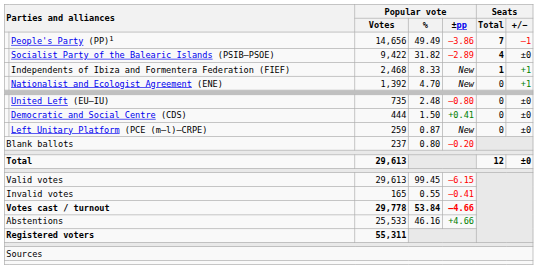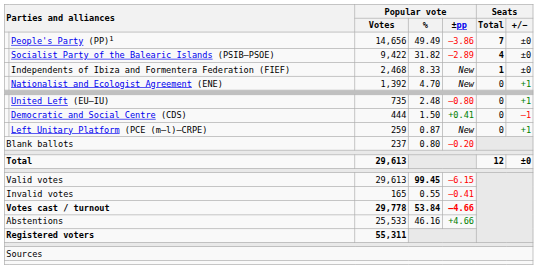 <table class="wikitable" style="text-align:right;">
 <tr>
 <th style="text-align:left;" rowspan="2" colspan="2" width="525">Parties and alliances</th>
 <th colspan="3">Popular vote</th>
 <th colspan="2">Seats</th>
 </tr>
 <tr>
 <th width="75">Votes</th>
 <th width="45">%</th>
 <th width="45">±<a href='#'>pp</a></th>
 <th width="35">Total</th>
 <th width="35">+/−</th>
 </tr>
 <tr>
 <td width="1" style="color:inherit;background:"></td>
 <td align="left"><a href='#'>People's Party</a> (PP)<sup>1</sup></td>
 <td>14,656</td>
 <td>49.49</td>
 <td style="color:red;">–3.86</td>
 <td><strong>7</strong></td>
-<td style="color:red;">–1</td>
+<td>±0</td>
 </tr>
 <tr>
 <td style="color:inherit;background:"></td>
 <td align="left"><a href='#'>Socialist Party of the Balearic Islands</a> (PSIB–PSOE)</td>
 <td>9,422</td>
 <td>31.82</td>
 <td style="color:red;">–2.89</td>
 <td><strong>4</strong></td>
 <td>±0</td>
 </tr>
 <tr>
 <td style="color:inherit;background:"></td>
 <td align="left">Independents of Ibiza and Formentera Federation (FIEF)</td>
 <td>2,468</td>
 <td>8.33</td>
 <td><em>New</em></td>
 <td><strong>1</strong></td>
-<td style="color:green;">+1</td>
+<td>±0</td>
 </tr>
 <tr>
 <td style="color:inherit;background:"></td>
 <td align="left"><a href='#'>Nationalist and Ecologist Agreement</a> (ENE)</td>
 <td>1,392</td>
 <td>4.70</td>
 <td><em>New</em></td>
 <td>0</td>
 <td style="color:green;">+1</td>
 </tr>
 <tr>
 <td colspan="7" bgcolor="#C0C0C0"></td>
 </tr>
 <tr>
 <td style="color:inherit;background:"></td>
 <td align="left"><a href='#'>United Left</a> (EU–IU)</td>
 <td>735</td>
 <td>2.48</td>
 <td style="color:red;">–0.80</td>
 <td>0</td>
-<td>±0</td>
+<td style="color:green;">+1</td>
 </tr>
 <tr>
 <td style="color:inherit;background:"></td>
 <td align="left"><a href='#'>Democratic and Social Centre</a> (CDS)</td>
 <td>444</td>
 <td>1.50</td>
 <td style="color:green;">+0.41</td>
 <td>0</td>
-<td>±0</td>
+<td style="color:red;">–1</td>
 </tr>
 <tr>
 <td bgcolor=></td>
 <td align="left"><a href='#'>Left Unitary Platform</a> (PCE (m–l)–CRPE)</td>
 <td>259</td>
 <td>0.87</td>
 <td><em>New</em></td>
 <td>0</td>
-<td>±0</td>
+<td style="color:green;">+1</td>
 </tr>
 <tr>
 <td align="left" colspan="2">Blank ballots</td>
 <td>237</td>
 <td>0.80</td>
 <td style="color:red;">–0.20</td>
 <td bgcolor="#E9E9E9" colspan="2"></td>
 </tr>
 <tr>
 <td colspan="7" bgcolor="#E9E9E9"></td>
 </tr>
 <tr style="font-weight:bold;">
 <td align="left" colspan="2">Total</td>
 <td>29,613</td>
 <td bgcolor="#E9E9E9" colspan="2"></td>
 <td>12</td>
 <td>±0</td>
 </tr>
 <tr>
 <td colspan="7" bgcolor="#E9E9E9"></td>
 </tr>
 <tr>
 <td align="left" colspan="2">Valid votes</td>
 <td>29,613</td>
-<td>99.45</td>
+<td><strong>99.45</strong></td>
 <td style="color:red;">–6.15</td>
 <td bgcolor="#E9E9E9" colspan="2" rowspan="5"></td>
 </tr>
 <tr>
 <td align="left" colspan="2">Invalid votes</td>
 <td>165</td>
 <td>0.55</td>
 <td style="color:red;">–0.41</td>
 </tr>
 <tr style="font-weight:bold;">
 <td align="left" colspan="2">Votes cast / turnout</td>
 <td>29,778</td>
 <td>53.84</td>
 <td style="color:red;">–4.66</td>
 </tr>
 <tr>
 <td align="left" colspan="2">Abstentions</td>
 <td>25,533</td>
 <td>46.16</td>
 <td style="color:green;">+4.66</td>
 </tr>
 <tr style="font-weight:bold;">
 <td align="left" colspan="2">Registered voters</td>
 <td>55,311</td>
 <td bgcolor="#E9E9E9" colspan="2"></td>
 </tr>
 <tr>
 <td colspan="7" bgcolor="#E9E9E9"></td>
 </tr>
 <tr>
 <td align="left" colspan="7">Sources</td>
 </tr>
 <tr>
 <td colspan="7" style="text-align:left; max-width:790px;"></td>
 </tr>
 </table>
